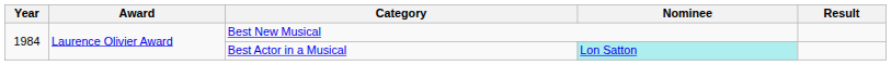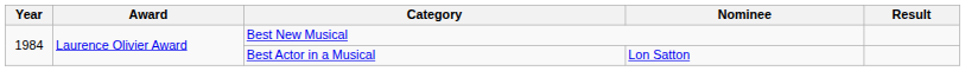 <table class="wikitable" width="95%">
 <tr>
 <th width= "5%">Year</th>
 <th width= "20%">Award</th>
 <th width= "40%">Category</th>
 <th width= "25%">Nominee</th>
 <th width= "10%">Result</th>
 </tr>
 <tr>
 <td rowspan="2" align="center">1984</td>
 <td rowspan="2"><a href='#'>Laurence Olivier Award</a></td>
 <td colspan="2"><a href='#'>Best New Musical</a></td>
 <td></td>
 </tr>
 <tr>
 <td><a href='#'>Best Actor in a Musical</a></td>
-<td style="background: paleturquoise;"><a href='#'>Lon Satton</a></td>
+<td><a href='#'>Lon Satton</a></td>
 <td></td>
 </tr>
 </table>
